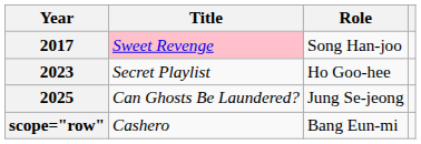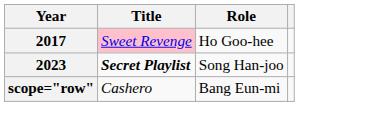 <table class="wikitable plainrowheaders sortable">
 <tr>
 <th scope="col">Year</th>
 <th scope="col">Title</th>
 <th scope="col">Role</th>
 <th scope="col" class="unsortable"></th>
 </tr>
 <tr>
 <th scope="row">2017</th>
 <td style="background: pink;"><em><a href='#'>Sweet Revenge</a></em></td>
-<td>Song Han-joo</td>
+<td>Ho Goo-hee</td>
 <td style="text-align:center"></td>
 </tr>
 <tr>
 <th scope="row">2023</th>
-<td><em>Secret Playlist</em></td>
-<td>Ho Goo-hee</td>
-<td style="text-align:center"></td>
-</tr>
-<tr>
-<th scope="row">2025</th>
-<td><em>Can Ghosts Be Laundered?</em></td>
-<td>Jung Se-jeong</td>
+<td><strong><em>Secret Playlist</em></strong></td>
+<td>Song Han-joo</td>
 <td style="text-align:center"></td>
 </tr>
 <tr>
 <th>scope="row" </th>
 <td><em>Cashero</em></td>
 <td>Bang Eun-mi</td>
 <td style="text-align:center"></td>
 </tr>
 </table>
